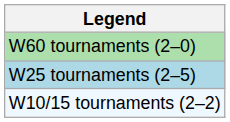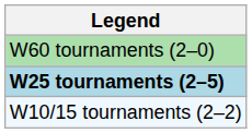 <table class=wikitable style="font-size:85%">
 <tr>
 <th>Legend</th>
 </tr>
 <tr style="background:#addfad;">
 <td>W60 tournaments (2–0)</td>
 </tr>
 <tr style="background:lightblue;">
-<td>W25 tournaments (2–5)</td>
+<td><strong>W25 tournaments (2–5)</strong></td>
 </tr>
 <tr style="background:#f0f8ff;">
 <td>W10/15 tournaments (2–2)</td>
 </tr>
 </table>
